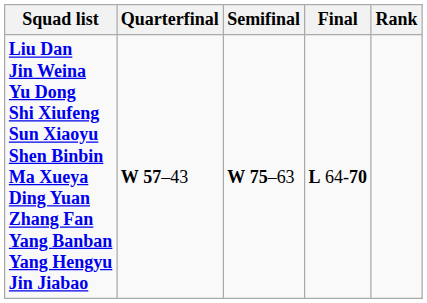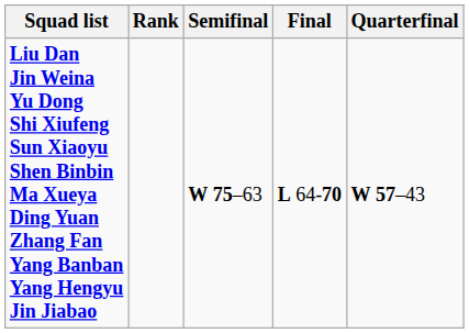 <table class="wikitable" style="text-align:left; font-size:90%">
 <tr>
 <th>Squad list</th>
-<th>Quarterfinal</th>
+<th>Rank</th>
 <th>Semifinal</th>
 <th>Final</th>
-<th>Rank</th>
+<th>Quarterfinal</th>
 </tr>
 <tr>
 <td><strong><a href='#'>Liu Dan</a><br><a href='#'>Jin Weina</a><br><a href='#'>Yu Dong</a><br><a href='#'>Shi Xiufeng</a><br><a href='#'>Sun Xiaoyu</a><br><a href='#'>Shen Binbin</a><br><a href='#'>Ma Xueya</a><br><a href='#'>Ding Yuan</a><br><a href='#'>Zhang Fan</a><br><a href='#'>Yang Banban</a><br><a href='#'>Yang Hengyu</a><br><a href='#'>Jin Jiabao</a></strong></td>
-<td><br><strong>W</strong> <strong>57</strong>–43</td>
+<td align=center></td>
 <td><br><strong>W</strong> <strong>75</strong>–63</td>
 <td><br><strong>L</strong> 64-<strong>70</strong></td>
-<td align=center></td>
+<td><br><strong>W</strong> <strong>57</strong>–43</td>
 </tr>
 </table>
